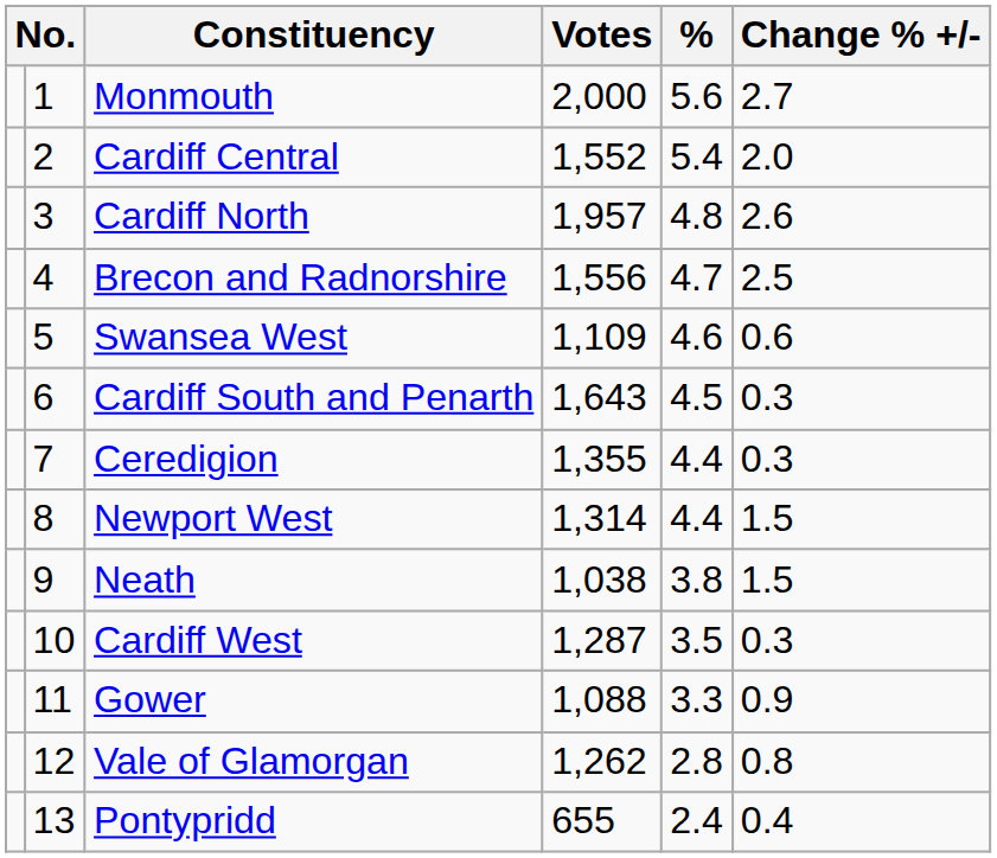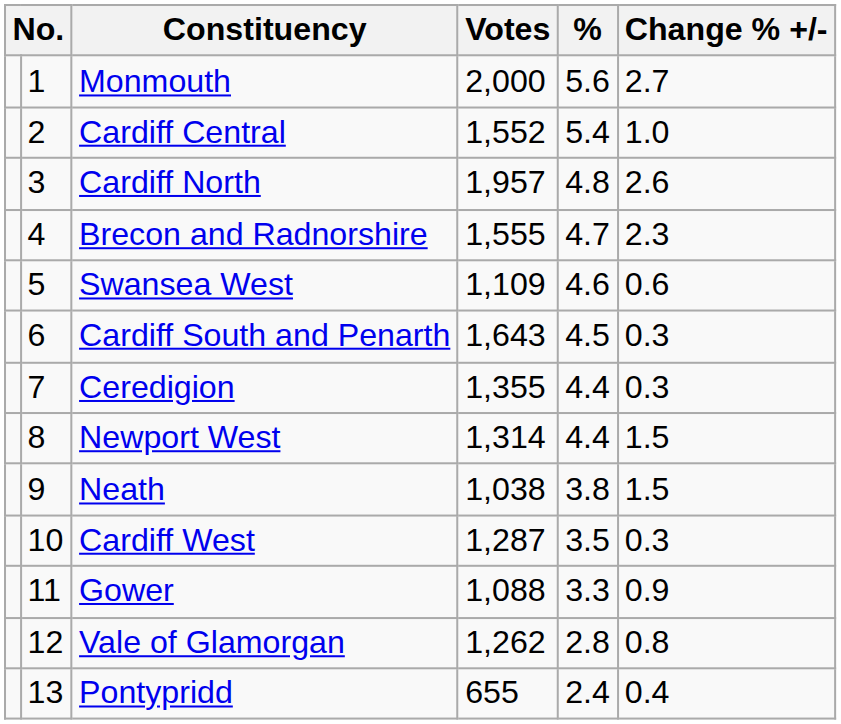 <table class="wikitable sortable collapsible collapsed">
 <tr>
 <th colspan="2">No.</th>
 <th>Constituency</th>
 <th>Votes</th>
 <th>%</th>
 <th>Change % +/-</th>
 </tr>
 <tr>
 <td style="color:inherit;background:"></td>
 <td>1</td>
 <td><a href='#'>Monmouth</a></td>
 <td>2,000</td>
 <td>5.6</td>
 <td> 2.7</td>
 </tr>
 <tr>
 <td style="color:inherit;background:"></td>
 <td>2</td>
 <td><a href='#'>Cardiff Central</a></td>
 <td>1,552</td>
 <td>5.4</td>
-<td> 2.0</td>
+<td> 1.0</td>
 </tr>
 <tr>
 <td style="color:inherit;background:"></td>
 <td>3</td>
 <td><a href='#'>Cardiff North</a></td>
 <td>1,957</td>
 <td>4.8</td>
 <td> 2.6</td>
 </tr>
 <tr>
 <td style="color:inherit;background:"></td>
 <td>4</td>
 <td><a href='#'>Brecon and Radnorshire</a></td>
-<td>1,556</td>
+<td>1,555</td>
 <td>4.7</td>
-<td> 2.5</td>
+<td> 2.3</td>
 </tr>
 <tr>
 <td style="color:inherit;background:"></td>
 <td>5</td>
 <td><a href='#'>Swansea West</a></td>
 <td>1,109</td>
 <td>4.6</td>
 <td> 0.6</td>
 </tr>
 <tr>
 <td style="color:inherit;background:"></td>
 <td>6</td>
 <td><a href='#'>Cardiff South and Penarth</a></td>
 <td>1,643</td>
 <td>4.5</td>
 <td> 0.3</td>
 </tr>
 <tr>
 <td style="color:inherit;background:"></td>
 <td>7</td>
 <td><a href='#'>Ceredigion</a></td>
 <td>1,355</td>
 <td>4.4</td>
 <td> 0.3</td>
 </tr>
 <tr>
 <td style="color:inherit;background:"></td>
 <td>8</td>
 <td><a href='#'>Newport West</a></td>
 <td>1,314</td>
 <td>4.4</td>
 <td> 1.5</td>
 </tr>
 <tr>
 <td style="color:inherit;background:"></td>
 <td>9</td>
 <td><a href='#'>Neath</a></td>
 <td>1,038</td>
 <td>3.8</td>
 <td> 1.5</td>
 </tr>
 <tr>
 <td style="color:inherit;background:"></td>
 <td>10</td>
 <td><a href='#'>Cardiff West</a></td>
 <td>1,287</td>
 <td>3.5</td>
 <td> 0.3</td>
 </tr>
 <tr>
 <td style="color:inherit;background:"></td>
 <td>11</td>
 <td><a href='#'>Gower</a></td>
 <td>1,088</td>
 <td>3.3</td>
 <td> 0.9</td>
 </tr>
 <tr>
 <td style="color:inherit;background:"></td>
 <td>12</td>
 <td><a href='#'>Vale of Glamorgan</a></td>
 <td>1,262</td>
 <td>2.8</td>
 <td> 0.8</td>
 </tr>
 <tr>
 <td style="color:inherit;background:"></td>
 <td>13</td>
 <td><a href='#'>Pontypridd</a></td>
 <td>655</td>
 <td>2.4</td>
 <td> 0.4</td>
 </tr>
 </table>
